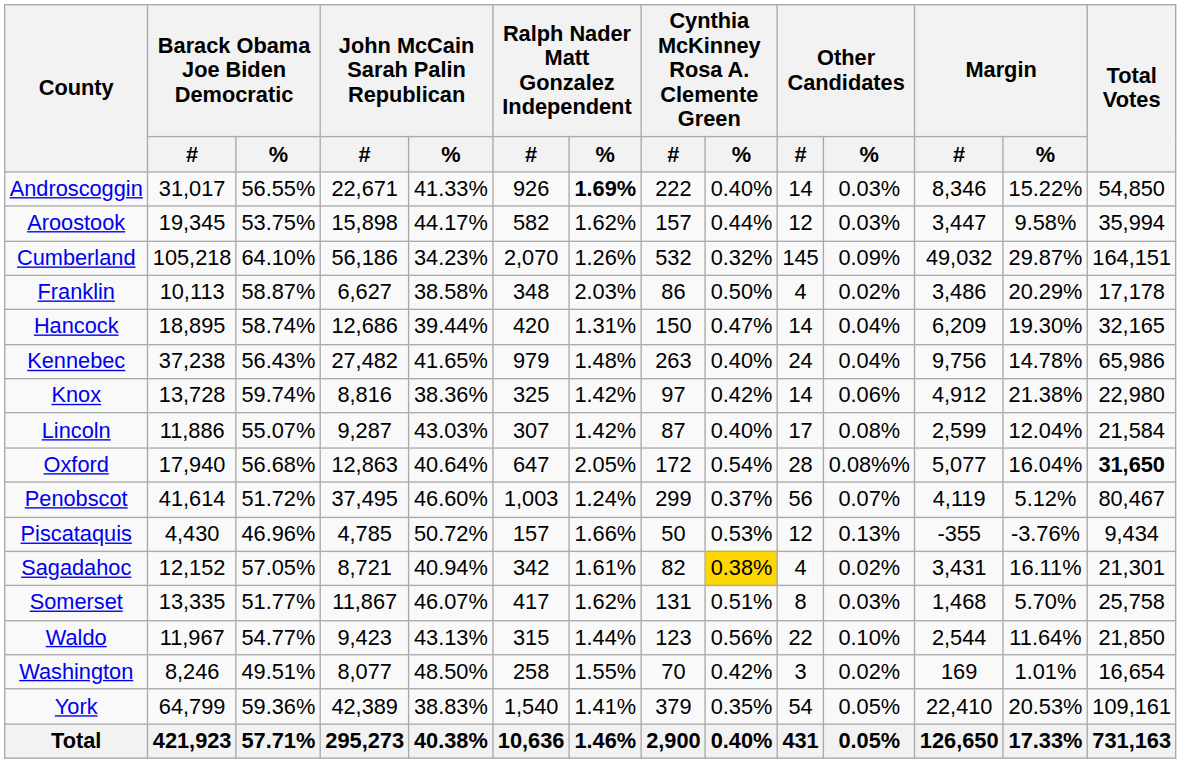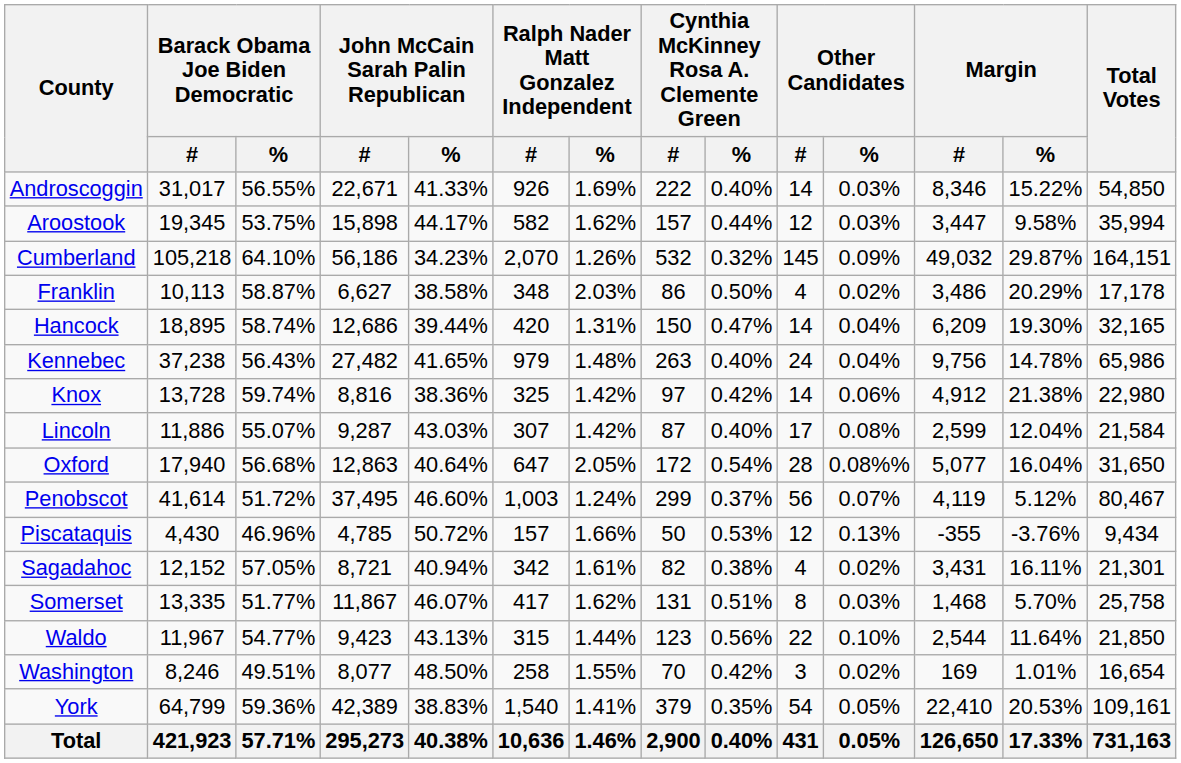 <table width="60%"  class="wikitable sortable" style="text-align:center">
 <tr>
 <th style="text-align:center;" rowspan="2">County</th>
 <th style="text-align:center;" colspan="2">Barack Obama<br>Joe Biden<br>Democratic</th>
 <th style="text-align:center;" colspan="2">John McCain<br>Sarah Palin<br>Republican</th>
 <th colspan="2">Ralph Nader<br>Matt Gonzalez<br>Independent</th>
 <th colspan="2">Cynthia McKinney<br>Rosa A. Clemente<br>Green</th>
 <th colspan="2" style="text-align:center;">Other Candidates</th>
 <th colspan="2" style="text-align:center;">Margin</th>
 <th style="text-align:center;" rowspan="2">Total Votes</th>
 </tr>
 <tr>
 <th style="text-align:center;" data-sort-type="number">#</th>
 <th style="text-align:center;" data-sort-type="number">%</th>
 <th style="text-align:center;" data-sort-type="number">#</th>
 <th style="text-align:center;" data-sort-type="number">%</th>
 <th style="text-align:center;" data-sort-type="number">#</th>
 <th style="text-align:center;" data-sort-type="number">%</th>
 <th style="text-align:center;" data-sort-type="number">#</th>
 <th style="text-align:center;" data-sort-type="number">%</th>
 <th style="text-align:center;" data-sort-type="number">#</th>
 <th style="text-align:center;" data-sort-type="number">%</th>
 <th style="text-align:center;" data-sort-type="number">#</th>
 <th style="text-align:center;" data-sort-type="number">%</th>
 </tr>
 <tr style="text-align:center;">
 <td><a href='#'>Androscoggin</a></td>
 <td>31,017</td>
 <td>56.55%</td>
 <td>22,671</td>
 <td>41.33%</td>
 <td>926</td>
-<td><strong>1.69%</strong></td>
+<td>1.69%</td>
 <td>222</td>
 <td>0.40%</td>
 <td>14</td>
 <td>0.03%</td>
 <td>8,346</td>
 <td>15.22%</td>
 <td>54,850</td>
 </tr>
 <tr style="text-align:center;">
 <td><a href='#'>Aroostook</a></td>
 <td>19,345</td>
 <td>53.75%</td>
 <td>15,898</td>
 <td>44.17%</td>
 <td>582</td>
 <td>1.62%</td>
 <td>157</td>
 <td>0.44%</td>
 <td>12</td>
 <td>0.03%</td>
 <td>3,447</td>
 <td>9.58%</td>
 <td>35,994</td>
 </tr>
 <tr style="text-align:center;">
 <td><a href='#'>Cumberland</a></td>
 <td>105,218</td>
 <td>64.10%</td>
 <td>56,186</td>
 <td>34.23%</td>
 <td>2,070</td>
 <td>1.26%</td>
 <td>532</td>
 <td>0.32%</td>
 <td>145</td>
 <td>0.09%</td>
 <td>49,032</td>
 <td>29.87%</td>
 <td>164,151</td>
 </tr>
 <tr style="text-align:center;">
 <td><a href='#'>Franklin</a></td>
 <td>10,113</td>
 <td>58.87%</td>
 <td>6,627</td>
 <td>38.58%</td>
 <td>348</td>
 <td>2.03%</td>
 <td>86</td>
 <td>0.50%</td>
 <td>4</td>
 <td>0.02%</td>
 <td>3,486</td>
 <td>20.29%</td>
 <td>17,178</td>
 </tr>
 <tr style="text-align:center;">
 <td><a href='#'>Hancock</a></td>
 <td>18,895</td>
 <td>58.74%</td>
 <td>12,686</td>
 <td>39.44%</td>
 <td>420</td>
 <td>1.31%</td>
 <td>150</td>
 <td>0.47%</td>
 <td>14</td>
 <td>0.04%</td>
 <td>6,209</td>
 <td>19.30%</td>
 <td>32,165</td>
 </tr>
 <tr style="text-align:center;">
 <td><a href='#'>Kennebec</a></td>
 <td>37,238</td>
 <td>56.43%</td>
 <td>27,482</td>
 <td>41.65%</td>
 <td>979</td>
 <td>1.48%</td>
 <td>263</td>
 <td>0.40%</td>
 <td>24</td>
 <td>0.04%</td>
 <td>9,756</td>
 <td>14.78%</td>
 <td>65,986</td>
 </tr>
 <tr style="text-align:center;">
 <td><a href='#'>Knox</a></td>
 <td>13,728</td>
 <td>59.74%</td>
 <td>8,816</td>
 <td>38.36%</td>
 <td>325</td>
 <td>1.42%</td>
 <td>97</td>
 <td>0.42%</td>
 <td>14</td>
 <td>0.06%</td>
 <td>4,912</td>
 <td>21.38%</td>
 <td>22,980</td>
 </tr>
 <tr style="text-align:center;">
 <td><a href='#'>Lincoln</a></td>
 <td>11,886</td>
 <td>55.07%</td>
 <td>9,287</td>
 <td>43.03%</td>
 <td>307</td>
 <td>1.42%</td>
 <td>87</td>
 <td>0.40%</td>
 <td>17</td>
 <td>0.08%</td>
 <td>2,599</td>
 <td>12.04%</td>
 <td>21,584</td>
 </tr>
 <tr style="text-align:center;">
 <td><a href='#'>Oxford</a></td>
 <td>17,940</td>
 <td>56.68%</td>
 <td>12,863</td>
 <td>40.64%</td>
 <td>647</td>
 <td>2.05%</td>
 <td>172</td>
 <td>0.54%</td>
 <td>28</td>
 <td>0.08%%</td>
 <td>5,077</td>
 <td>16.04%</td>
-<td><strong>31,650</strong></td>
+<td>31,650</td>
 </tr>
 <tr style="text-align:center;">
 <td><a href='#'>Penobscot</a></td>
 <td>41,614</td>
 <td>51.72%</td>
 <td>37,495</td>
 <td>46.60%</td>
 <td>1,003</td>
 <td>1.24%</td>
 <td>299</td>
 <td>0.37%</td>
 <td>56</td>
 <td>0.07%</td>
 <td>4,119</td>
 <td>5.12%</td>
 <td>80,467</td>
 </tr>
 <tr style="text-align:center;">
 <td><a href='#'>Piscataquis</a></td>
 <td>4,430</td>
 <td>46.96%</td>
 <td>4,785</td>
 <td>50.72%</td>
 <td>157</td>
 <td>1.66%</td>
 <td>50</td>
 <td>0.53%</td>
 <td>12</td>
 <td>0.13%</td>
 <td>-355</td>
 <td>-3.76%</td>
 <td>9,434</td>
 </tr>
 <tr style="text-align:center;">
 <td><a href='#'>Sagadahoc</a></td>
 <td>12,152</td>
 <td>57.05%</td>
 <td>8,721</td>
 <td>40.94%</td>
 <td>342</td>
 <td>1.61%</td>
 <td>82</td>
-<td style="background: gold;">0.38%</td>
+<td>0.38%</td>
 <td>4</td>
 <td>0.02%</td>
 <td>3,431</td>
 <td>16.11%</td>
 <td>21,301</td>
 </tr>
 <tr style="text-align:center;">
 <td><a href='#'>Somerset</a></td>
 <td>13,335</td>
 <td>51.77%</td>
 <td>11,867</td>
 <td>46.07%</td>
 <td>417</td>
 <td>1.62%</td>
 <td>131</td>
 <td>0.51%</td>
 <td>8</td>
 <td>0.03%</td>
 <td>1,468</td>
 <td>5.70%</td>
 <td>25,758</td>
 </tr>
 <tr style="text-align:center;">
 <td><a href='#'>Waldo</a></td>
 <td>11,967</td>
 <td>54.77%</td>
 <td>9,423</td>
 <td>43.13%</td>
 <td>315</td>
 <td>1.44%</td>
 <td>123</td>
 <td>0.56%</td>
 <td>22</td>
 <td>0.10%</td>
 <td>2,544</td>
 <td>11.64%</td>
 <td>21,850</td>
 </tr>
 <tr style="text-align:center;">
 <td><a href='#'>Washington</a></td>
 <td>8,246</td>
 <td>49.51%</td>
 <td>8,077</td>
 <td>48.50%</td>
 <td>258</td>
 <td>1.55%</td>
 <td>70</td>
 <td>0.42%</td>
 <td>3</td>
 <td>0.02%</td>
 <td>169</td>
 <td>1.01%</td>
 <td>16,654</td>
 </tr>
 <tr style="text-align:center;">
 <td><a href='#'>York</a></td>
 <td>64,799</td>
 <td>59.36%</td>
 <td>42,389</td>
 <td>38.83%</td>
 <td>1,540</td>
 <td>1.41%</td>
 <td>379</td>
 <td>0.35%</td>
 <td>54</td>
 <td>0.05%</td>
 <td>22,410</td>
 <td>20.53%</td>
 <td>109,161</td>
 </tr>
 <tr>
 <th>Total</th>
 <th>421,923</th>
 <th>57.71%</th>
 <th>295,273</th>
 <th>40.38%</th>
 <th>10,636</th>
 <th>1.46%</th>
 <th>2,900</th>
 <th>0.40%</th>
 <th>431</th>
 <th>0.05%</th>
 <th>126,650</th>
 <th>17.33%</th>
 <th>731,163</th>
 </tr>
 </table>
